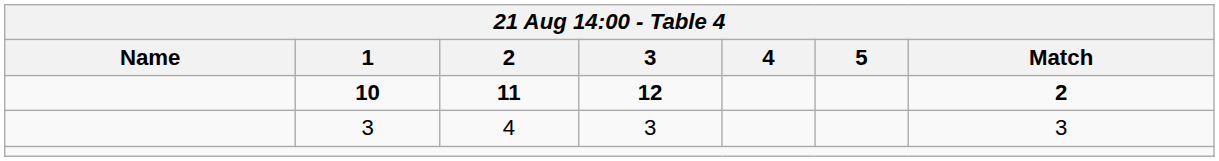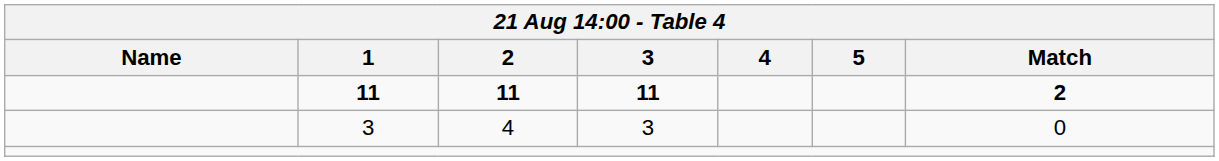 <table class=wikitable style="text-align:center; width: 55%">
 <tr>
 <th colspan=17><em>21 Aug 14:00 - Table 4</em></th>
 </tr>
 <tr>
 <th>Name</th>
 <th>1</th>
 <th>2</th>
 <th>3</th>
 <th>4</th>
 <th>5</th>
 <th>Match</th>
 </tr>
 <tr>
 <td style="text-align:left;"><strong></strong></td>
-<td><strong>10</strong></td>
 <td><strong>11</strong></td>
-<td><strong>12</strong></td>
+<td><strong>11</strong></td>
+<td><strong>11</strong></td>
 <td></td>
 <td></td>
 <td><strong>2</strong></td>
 </tr>
 <tr>
 <td style="text-align:left;"></td>
 <td>3</td>
 <td>4</td>
 <td>3</td>
 <td></td>
 <td></td>
-<td>3</td>
+<td>0</td>
 </tr>
 <tr>
 <td colspan=17></td>
 </tr>
 </table>
